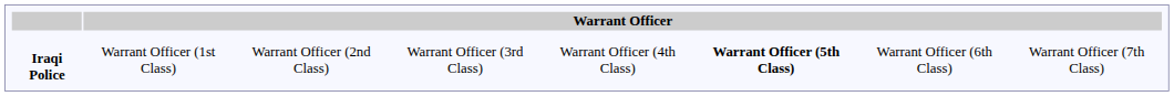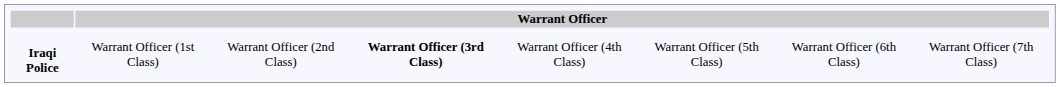 <table style="border:1px solid #8888aa; background-color:#f7f8ff; padding:5px; font-size:95%; margin: 0px 12px 12px 0px;">
 <tr style="background:#ccc;">
 <th></th>
 <th colspan=8>Warrant Officer</th>
 </tr>
 <tr style="text-align:center;">
 <td rowspan=3> <br><strong>Iraqi Police</strong></td>
 <td></td>
 <td></td>
 <td></td>
 <td></td>
 <td></td>
 <td></td>
 <td></td>
 </tr>
 <tr style="text-align:center;">
 <td>Warrant Officer (1st Class)</td>
 <td>Warrant Officer (2nd Class)</td>
-<td>Warrant Officer (3rd Class)</td>
+<td><strong>Warrant Officer (3rd Class)</strong></td>
 <td>Warrant Officer (4th Class)</td>
-<td><strong>Warrant Officer (5th Class)</strong></td>
+<td>Warrant Officer (5th Class)</td>
 <td>Warrant Officer (6th Class)</td>
 <td>Warrant Officer (7th Class)</td>
 </tr>
 </table>
